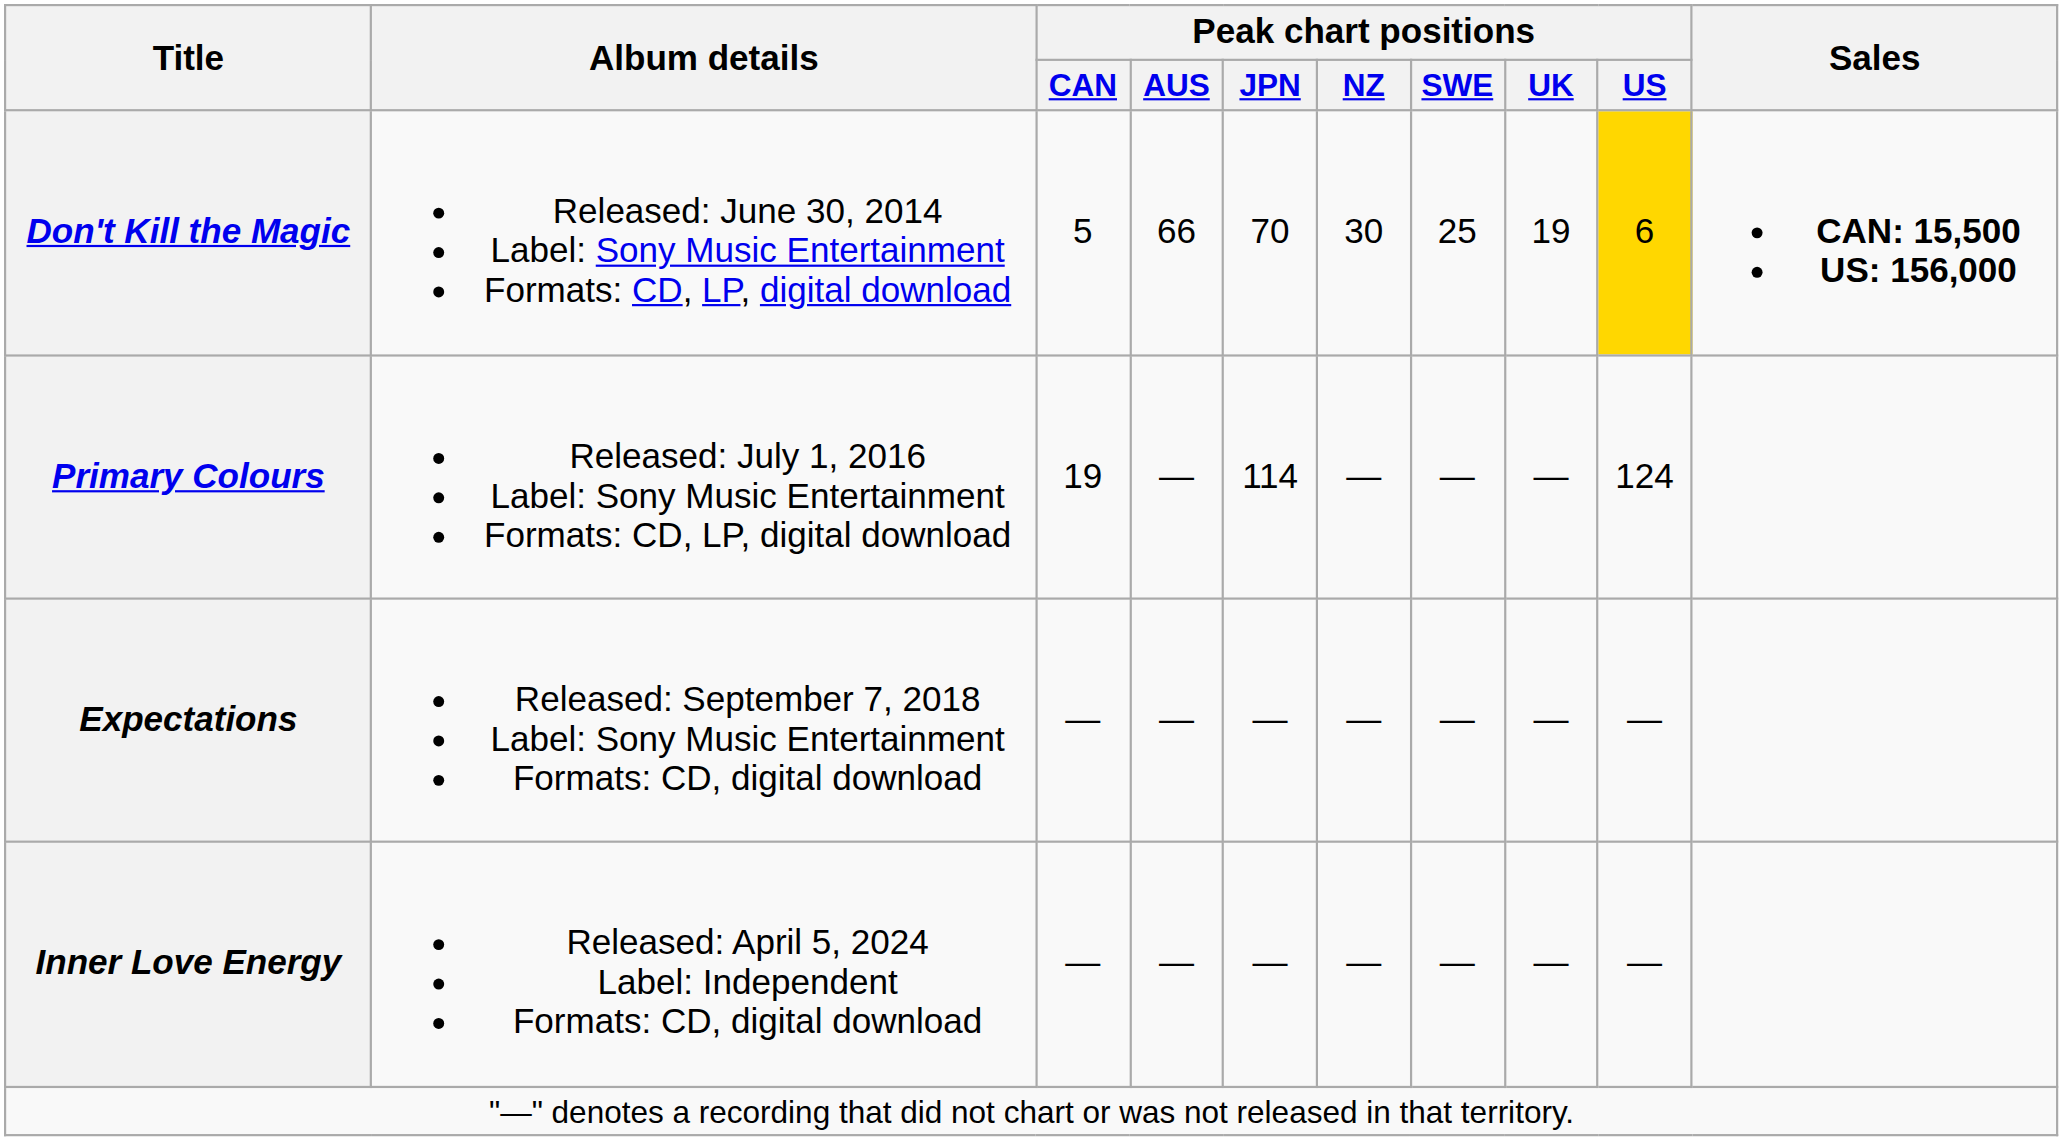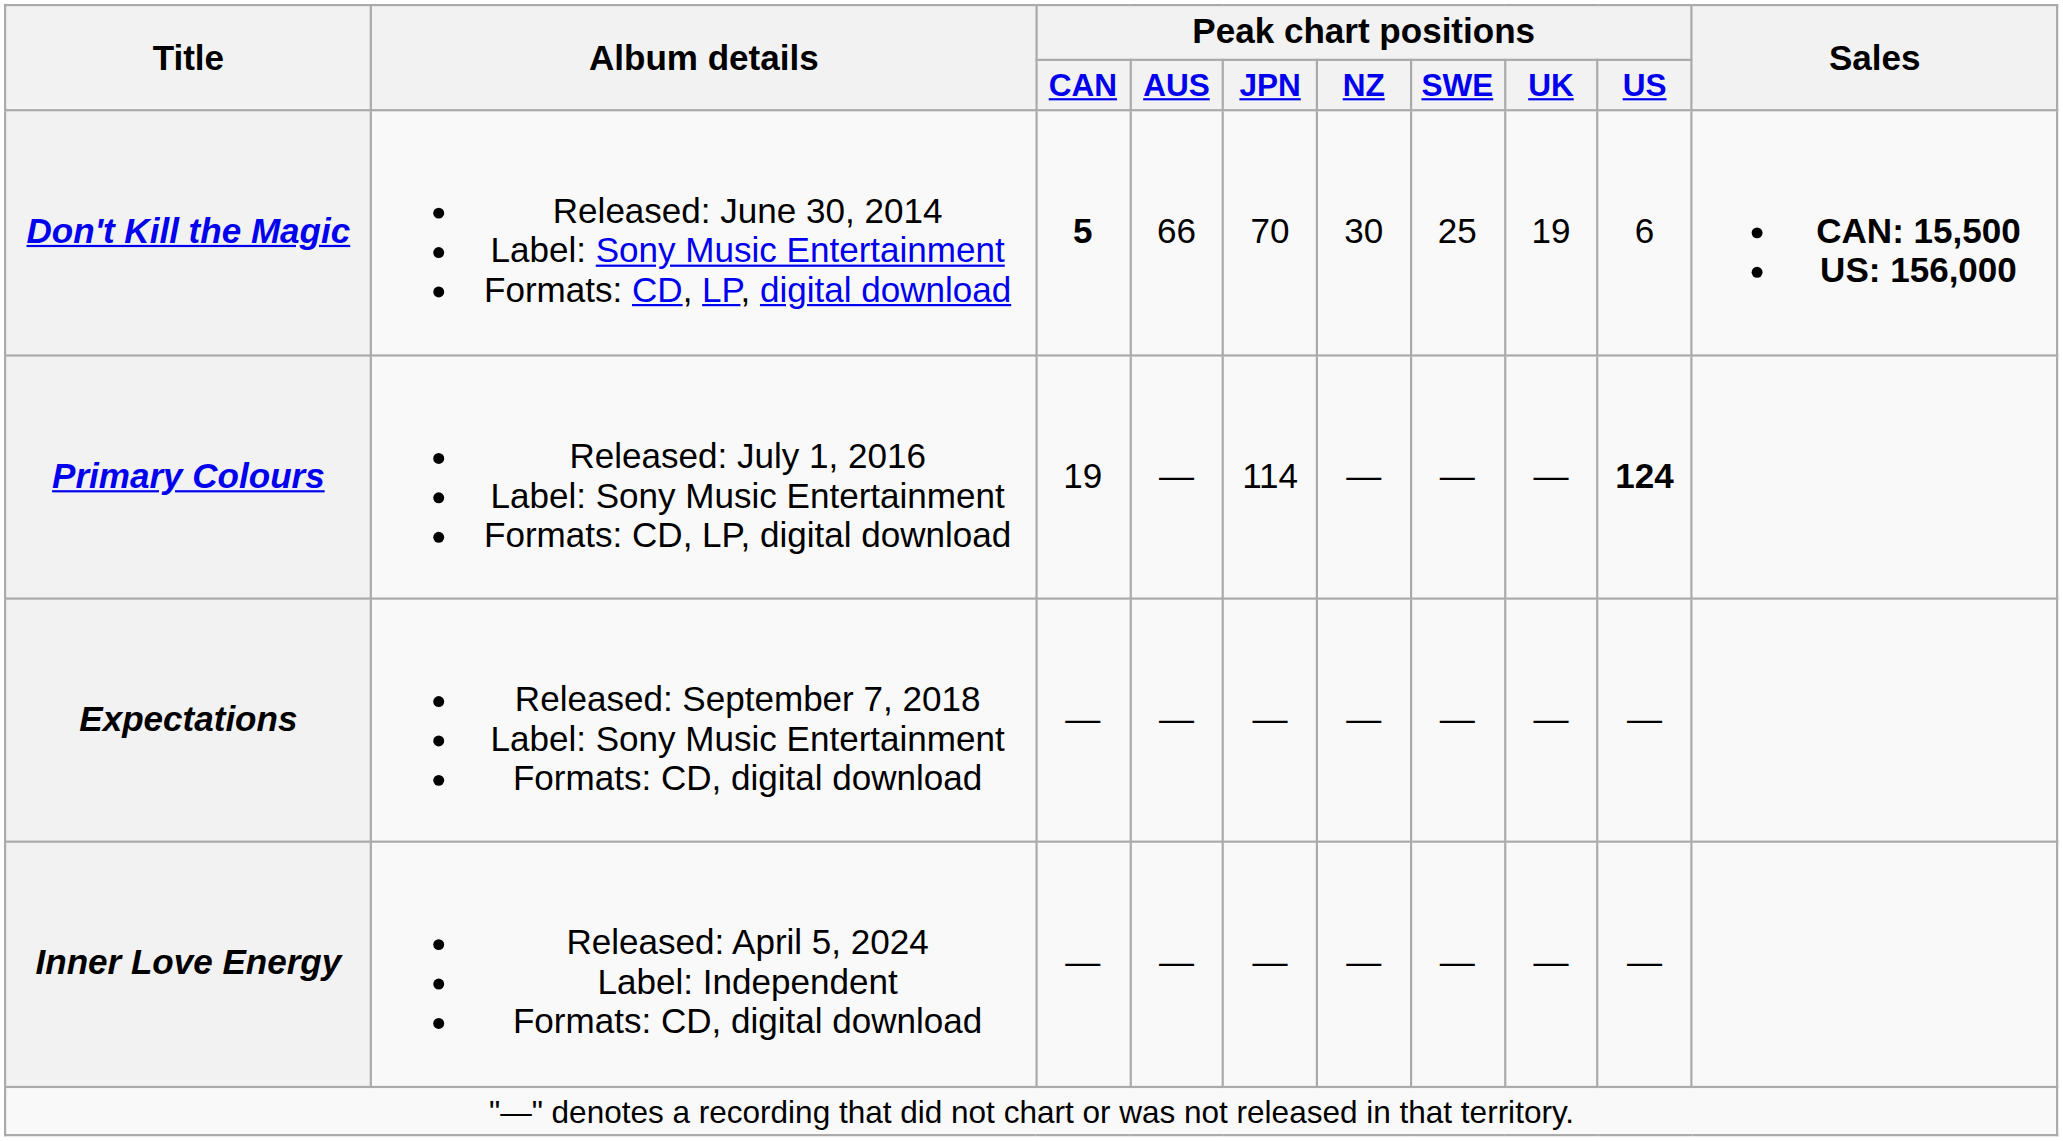 <table class="wikitable plainrowheaders" style="text-align:center;" border="1">
 <tr>
 <th scope="col" rowspan="2" style="width:10em;">Title</th>
 <th scope="col" rowspan="2" style="width:18.5em;">Album details</th>
 <th scope="col" colspan="7">Peak chart positions</th>
 <th scope="col" rowspan="2" style="width:10em;">Sales</th>
 </tr>
 <tr>
 <th scope="col" style="width:2.5em;font-size:90%;"><a href='#'>CAN</a><br></th>
 <th scope="col" style="width:2.5em;font-size:90%;"><a href='#'>AUS</a><br></th>
 <th scope="col" style="width:2.5em;font-size:90%;"><a href='#'>JPN</a><br></th>
 <th scope="col" style="width:2.5em;font-size:90%;"><a href='#'>NZ</a> <br></th>
 <th scope="col" style="width:2.5em;font-size:90%;"><a href='#'>SWE</a> <br></th>
 <th scope="col" style="width:2.5em;font-size:90%;"><a href='#'>UK</a><br></th>
 <th scope="col" style="width:2.5em;font-size:90%;"><a href='#'>US</a><br></th>
 </tr>
 <tr>
 <th scope="row"><em><a href='#'>Don't Kill the Magic</a></em></th>
 <td><br><ul><li>Released: June 30, 2014</li><li>Label: <a href='#'>Sony Music Entertainment</a></li><li>Formats: <a href='#'>CD</a>, <a href='#'>LP</a>, <a href='#'>digital download</a></li></ul></td>
-<td>5</td>
+<td><strong>5</strong></td>
 <td>66</td>
 <td>70</td>
 <td>30</td>
 <td>25</td>
 <td>19</td>
-<td style="background: gold;">6</td>
+<td>6</td>
 <td><strong><br><ul><li>CAN: 15,500</li><li>US: 156,000</li></ul></strong></td>
 </tr>
 <tr>
 <th scope="row"><em><a href='#'>Primary Colours</a></em></th>
 <td><br><ul><li>Released: July 1, 2016</li><li>Label: Sony Music Entertainment</li><li>Formats: CD, LP, digital download</li></ul></td>
 <td>19</td>
 <td>—</td>
 <td>114</td>
 <td>—</td>
 <td>—</td>
 <td>—</td>
-<td>124</td>
+<td><strong>124</strong></td>
 <td></td>
 </tr>
 <tr>
 <th scope="row"><em>Expectations</em></th>
 <td><br><ul><li>Released: September 7, 2018</li><li>Label: Sony Music Entertainment</li><li>Formats: CD, digital download</li></ul></td>
 <td>—</td>
 <td>—</td>
 <td>—</td>
 <td>—</td>
 <td>—</td>
 <td>—</td>
 <td>—</td>
 <td></td>
 </tr>
 <tr>
 <th scope="row"><em>Inner Love Energy</em></th>
 <td><br><ul><li>Released: April 5, 2024</li><li>Label: Independent</li><li>Formats: CD, digital download</li></ul></td>
 <td>—</td>
 <td>—</td>
 <td>—</td>
 <td>—</td>
 <td>—</td>
 <td>—</td>
 <td>—</td>
 <td></td>
 </tr>
 <tr>
 <td colspan="16" style="font-size:90%">"—" denotes a recording that did not chart or was not released in that territory.</td>
 </tr>
 </table>
